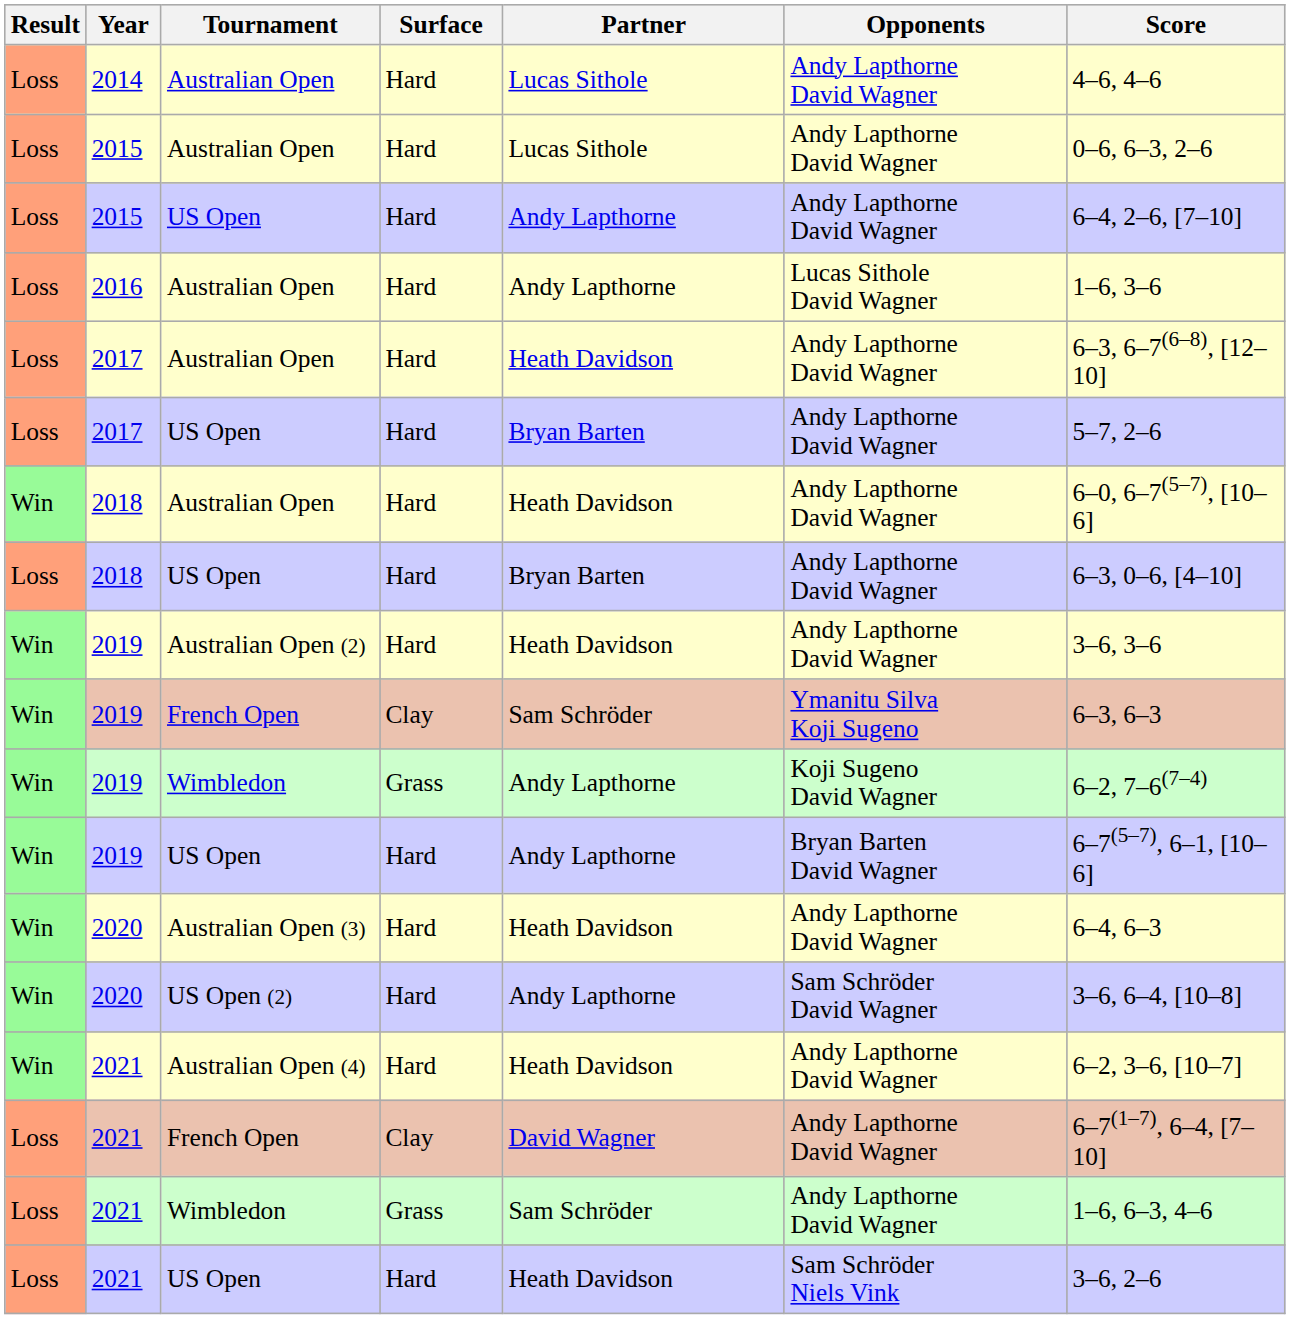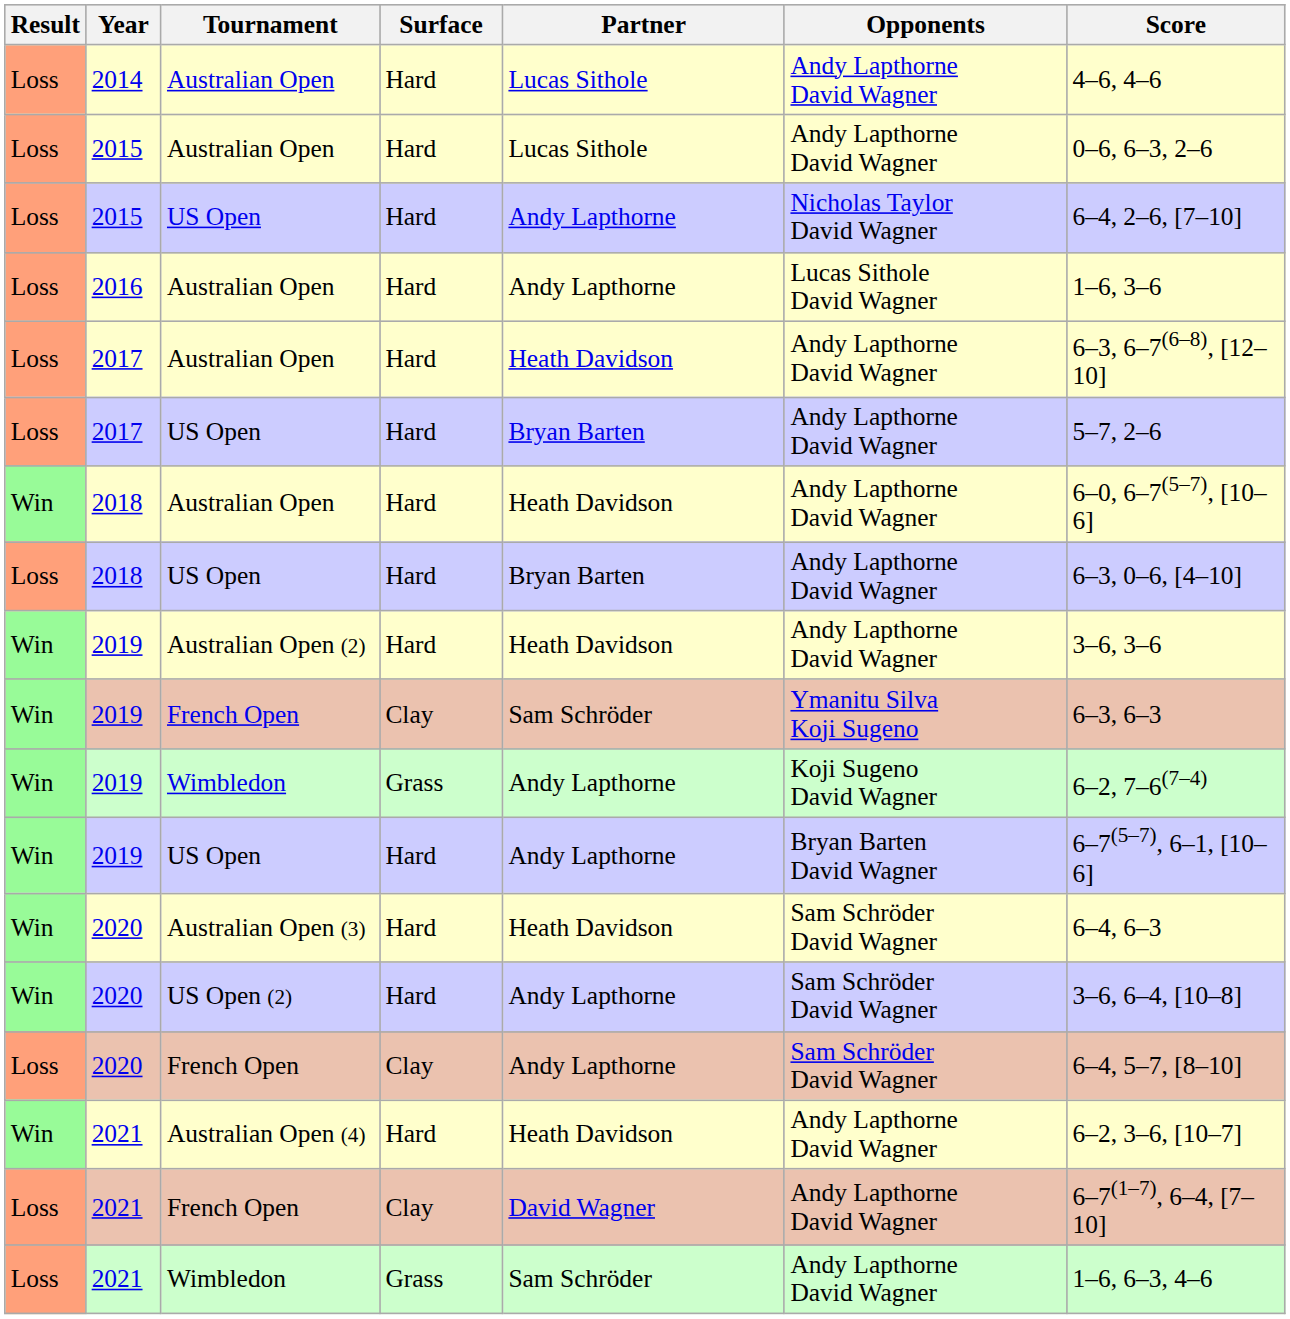 <table class="sortable wikitable">
 <tr>
 <th>Result</th>
 <th style="width:40px">Year</th>
 <th style="width:130px">Tournament</th>
 <th style="width:70px">Surface</th>
 <th style="width:170px">Partner</th>
 <th style="width:170px">Opponents</th>
 <th style="width:130px" class="unsortable">Score</th>
 </tr>
 <tr style="background:#ffc;">
 <td style="background:#ffa07a;">Loss</td>
 <td><a href='#'>2014</a></td>
 <td><a href='#'>Australian Open</a></td>
 <td>Hard</td>
 <td> <a href='#'>Lucas Sithole</a></td>
 <td> <a href='#'>Andy Lapthorne</a><br> <a href='#'>David Wagner</a></td>
 <td>4–6, 4–6</td>
 </tr>
 <tr style="background:#ffc;">
 <td style="background:#ffa07a;">Loss</td>
 <td><a href='#'>2015</a></td>
 <td>Australian Open</td>
 <td>Hard</td>
 <td> Lucas Sithole</td>
 <td> Andy Lapthorne<br> David Wagner</td>
 <td>0–6, 6–3, 2–6</td>
 </tr>
 <tr style="background:#ccf;">
 <td style="background:#ffa07a;">Loss</td>
 <td><a href='#'>2015</a></td>
 <td><a href='#'>US Open</a></td>
 <td>Hard</td>
 <td> <a href='#'>Andy Lapthorne</a></td>
-<td> Andy Lapthorne<br> David Wagner</td>
+<td> <a href='#'>Nicholas Taylor</a><br> David Wagner</td>
 <td>6–4, 2–6, [7–10]</td>
 </tr>
 <tr style="background:#ffc;">
 <td style="background:#ffa07a;">Loss</td>
 <td><a href='#'>2016</a></td>
 <td>Australian Open</td>
 <td>Hard</td>
 <td> Andy Lapthorne</td>
 <td> Lucas Sithole<br> David Wagner</td>
 <td>1–6, 3–6</td>
 </tr>
 <tr style="background:#ffc;">
 <td style="background:#ffa07a;">Loss</td>
 <td><a href='#'>2017</a></td>
 <td>Australian Open</td>
 <td>Hard</td>
 <td> <a href='#'>Heath Davidson</a></td>
 <td> Andy Lapthorne<br> David Wagner</td>
 <td>6–3, 6–7<sup>(6–8)</sup>, [12–10]</td>
 </tr>
 <tr style="background:#ccf;">
 <td style="background:#ffa07a;">Loss</td>
 <td><a href='#'>2017</a></td>
 <td>US Open</td>
 <td>Hard</td>
 <td> <a href='#'>Bryan Barten</a></td>
 <td> Andy Lapthorne<br> David Wagner</td>
 <td>5–7, 2–6</td>
 </tr>
 <tr style="background:#ffc;">
 <td style="background:#98fb98;">Win</td>
 <td><a href='#'>2018</a></td>
 <td>Australian Open</td>
 <td>Hard</td>
 <td> Heath Davidson</td>
 <td> Andy Lapthorne<br> David Wagner</td>
 <td>6–0, 6–7<sup>(5–7)</sup>, [10–6]</td>
 </tr>
 <tr style="background:#ccf;">
 <td style="background:#ffa07a;">Loss</td>
 <td><a href='#'>2018</a></td>
 <td>US Open</td>
 <td>Hard</td>
 <td> Bryan Barten</td>
 <td> Andy Lapthorne<br> David Wagner</td>
 <td>6–3, 0–6, [4–10]</td>
 </tr>
 <tr style="background:#ffc;">
 <td style="background:#98fb98;">Win</td>
 <td><a href='#'>2019</a></td>
 <td>Australian Open <small>(2)</small></td>
 <td>Hard</td>
 <td> Heath Davidson</td>
 <td> Andy Lapthorne<br> David Wagner</td>
 <td>3–6, 3–6</td>
 </tr>
 <tr style="background:#ebc2af;">
 <td style="background:#98fb98">Win</td>
 <td><a href='#'>2019</a></td>
 <td><a href='#'>French Open</a></td>
 <td>Clay</td>
 <td> Sam Schröder</td>
 <td> <a href='#'>Ymanitu Silva</a><br> <a href='#'>Koji Sugeno</a></td>
 <td>6–3, 6–3</td>
 </tr>
 <tr style="background:#cfc;">
 <td style="background:#98fb98">Win</td>
 <td><a href='#'>2019</a></td>
 <td><a href='#'>Wimbledon</a></td>
 <td>Grass</td>
 <td> Andy Lapthorne</td>
 <td> Koji Sugeno<br> David Wagner</td>
 <td>6–2, 7–6<sup>(7–4)</sup></td>
 </tr>
 <tr style="background:#ccf;">
 <td style="background:#98fb98">Win</td>
 <td><a href='#'>2019</a></td>
 <td>US Open</td>
 <td>Hard</td>
 <td> Andy Lapthorne</td>
 <td> Bryan Barten<br> David Wagner</td>
 <td>6–7<sup>(5–7)</sup>, 6–1, [10–6]</td>
 </tr>
 <tr style="background:#ffc;">
 <td style="background:#98fb98;">Win</td>
 <td><a href='#'>2020</a></td>
 <td>Australian Open <small>(3)</small></td>
 <td>Hard</td>
 <td> Heath Davidson</td>
-<td> Andy Lapthorne<br> David Wagner</td>
+<td> Sam Schröder<br> David Wagner</td>
 <td>6–4, 6–3</td>
 </tr>
 <tr style="background:#ccf;">
 <td style="background:#98fb98">Win</td>
 <td><a href='#'>2020</a></td>
 <td>US Open <small>(2)</small></td>
 <td>Hard</td>
 <td> Andy Lapthorne</td>
 <td> Sam Schröder<br> David Wagner</td>
 <td>3–6, 6–4, [10–8]</td>
+</tr>
+<tr style="background:#ebc2af;">
+<td style="background:#ffa07a;">Loss</td>
+<td><a href='#'>2020</a></td>
+<td>French Open</td>
+<td>Clay</td>
+<td> Andy Lapthorne</td>
+<td> <a href='#'>Sam Schröder</a><br> David Wagner</td>
+<td>6–4, 5–7, [8–10]</td>
 </tr>
 <tr style="background:#ffc;">
 <td style="background:#98fb98;">Win</td>
 <td><a href='#'>2021</a></td>
 <td>Australian Open <small>(4)</small></td>
 <td>Hard</td>
 <td> Heath Davidson</td>
 <td> Andy Lapthorne<br> David Wagner</td>
 <td>6–2, 3–6, [10–7]</td>
 </tr>
 <tr style="background:#ebc2af;">
 <td style="background:#ffa07a;">Loss</td>
 <td><a href='#'>2021</a></td>
 <td>French Open</td>
 <td>Clay</td>
 <td> <a href='#'>David Wagner</a></td>
 <td> Andy Lapthorne<br> David Wagner</td>
 <td>6–7<sup>(1–7)</sup>, 6–4, [7–10]</td>
 </tr>
 <tr style="background:#cfc;">
 <td style="background:#ffa07a;">Loss</td>
 <td><a href='#'>2021</a></td>
 <td>Wimbledon</td>
 <td>Grass</td>
 <td> Sam Schröder</td>
 <td> Andy Lapthorne<br> David Wagner</td>
 <td>1–6, 6–3, 4–6</td>
 </tr>
-<tr style="background:#ccf;">
-<td style="background:#ffa07a;">Loss</td>
-<td><a href='#'>2021</a></td>
-<td>US Open</td>
-<td>Hard</td>
-<td> Heath Davidson</td>
-<td> Sam Schröder<br> <a href='#'>Niels Vink</a></td>
-<td>3–6, 2–6</td>
-</tr>
 </table>
